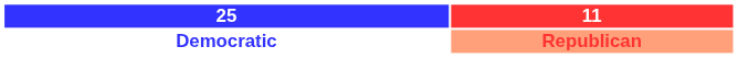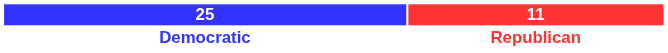 <table style="width:50%">
 <tr>
 <td colspan="3" scope="row" style="text-align:center"></td>
 </tr>
 <tr>
 <td scope="row" style="background:#33F; width:61.111%; text-align:center; color:white"><strong>25</strong><br></td>
 <td style="background:#F33; width:38.889%; text-align:center; color:white"><strong>11</strong></td>
 </tr>
 <tr>
 <td scope="row" style="text-align:center; color:#33F"><strong>Democratic</strong><br></td>
-<td style="background: lightsalmon; text-align:center; color:#F33"><strong>Republican</strong></td>
+<td style="text-align:center; color:#F33"><strong>Republican</strong></td>
 </tr>
 </table>
